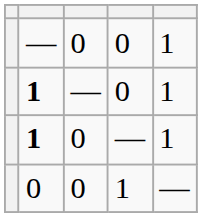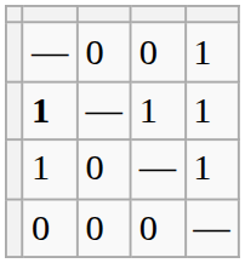 <table class="wikitable">
 <tr>
 <th></th>
 <th></th>
 <th></th>
 <th></th>
 <th></th>
 </tr>
 <tr>
 <th></th>
 <td>—</td>
 <td>0</td>
 <td>0</td>
 <td>1</td>
 </tr>
 <tr>
 <th></th>
 <td><strong>1</strong></td>
 <td>—</td>
-<td>0</td>
+<td>1</td>
 <td>1</td>
 </tr>
 <tr>
 <th></th>
-<td><strong>1</strong></td>
+<td>1</td>
 <td>0</td>
 <td>—</td>
 <td>1</td>
 </tr>
 <tr>
 <th></th>
 <td>0</td>
 <td>0</td>
-<td>1</td>
+<td>0</td>
 <td>—</td>
 </tr>
 </table>
